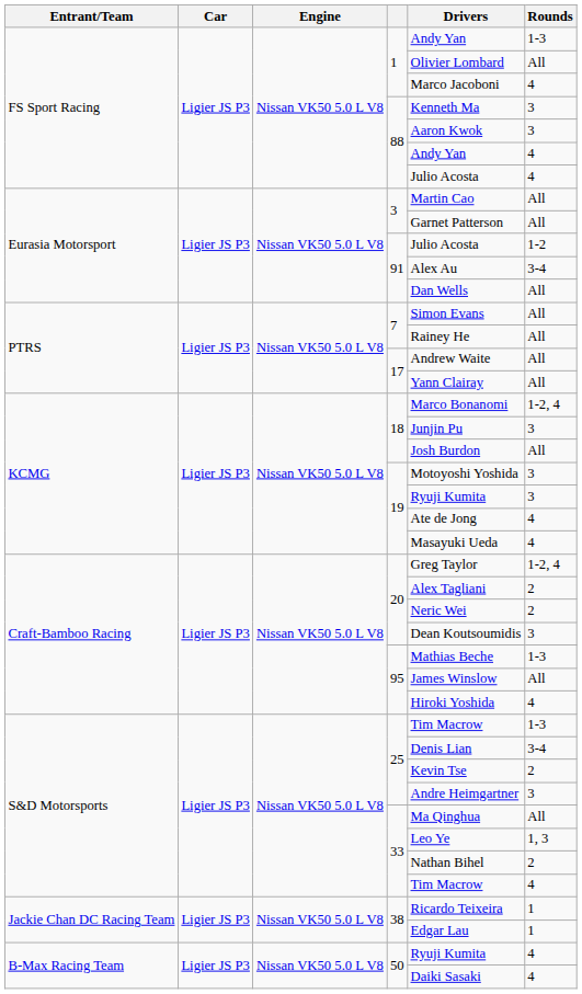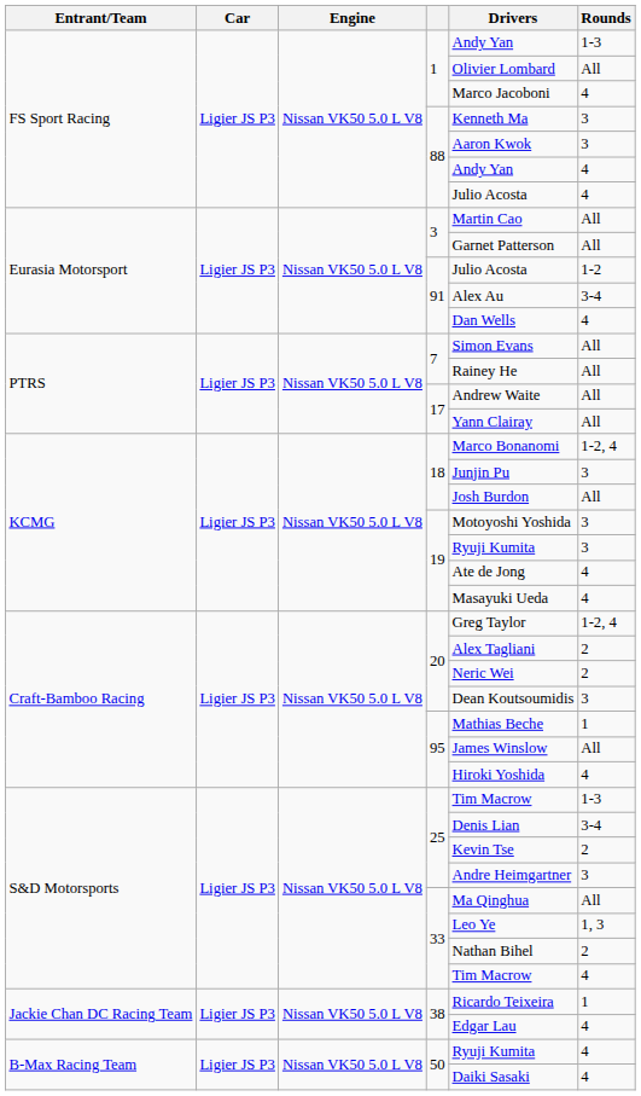 <table class="wikitable" style="font-size: 85%">
 <tr>
 <th>Entrant/Team</th>
 <th>Car</th>
 <th>Engine</th>
 <th></th>
 <th>Drivers</th>
 <th>Rounds</th>
 </tr>
 <tr>
 <td rowspan=7> FS Sport Racing</td>
 <td rowspan=7><a href='#'>Ligier JS P3</a></td>
 <td rowspan=7><a href='#'>Nissan VK50 5.0 L V8</a></td>
 <td rowspan=3>1</td>
 <td> <a href='#'>Andy Yan</a></td>
 <td>1-3</td>
 </tr>
 <tr>
 <td> <a href='#'>Olivier Lombard</a></td>
 <td>All</td>
 </tr>
 <tr>
 <td> Marco Jacoboni</td>
 <td>4</td>
 </tr>
 <tr>
 <td rowspan=4>88</td>
 <td> <a href='#'>Kenneth Ma</a></td>
 <td>3</td>
 </tr>
 <tr>
 <td> <a href='#'>Aaron Kwok</a></td>
 <td>3</td>
 </tr>
 <tr>
 <td> <a href='#'>Andy Yan</a></td>
 <td>4</td>
 </tr>
 <tr>
 <td> Julio Acosta</td>
 <td>4</td>
 </tr>
 <tr>
 <td rowspan=5> Eurasia Motorsport</td>
 <td rowspan=5><a href='#'>Ligier JS P3</a></td>
 <td rowspan=5><a href='#'>Nissan VK50 5.0 L V8</a></td>
 <td rowspan=2>3</td>
 <td> <a href='#'>Martin Cao</a></td>
 <td>All</td>
 </tr>
 <tr>
 <td> Garnet Patterson</td>
 <td>All</td>
 </tr>
 <tr>
 <td rowspan=3>91</td>
 <td> Julio Acosta</td>
 <td>1-2</td>
 </tr>
 <tr>
 <td> Alex Au</td>
 <td>3-4</td>
 </tr>
 <tr>
 <td> <a href='#'>Dan Wells</a></td>
-<td>All</td>
+<td>4</td>
 </tr>
 <tr>
 <td rowspan=4> PTRS</td>
 <td rowspan=4><a href='#'>Ligier JS P3</a></td>
 <td rowspan=4><a href='#'>Nissan VK50 5.0 L V8</a></td>
 <td rowspan=2>7</td>
 <td> <a href='#'>Simon Evans</a></td>
 <td>All</td>
 </tr>
 <tr>
 <td> Rainey He</td>
 <td>All</td>
 </tr>
 <tr>
 <td rowspan=2>17</td>
 <td> Andrew Waite</td>
 <td>All</td>
 </tr>
 <tr>
 <td> <a href='#'>Yann Clairay</a></td>
 <td>All</td>
 </tr>
 <tr>
 <td rowspan=7> <a href='#'>KCMG</a></td>
 <td rowspan=7><a href='#'>Ligier JS P3</a></td>
 <td rowspan=7><a href='#'>Nissan VK50 5.0 L V8</a></td>
 <td rowspan=3>18</td>
 <td> <a href='#'>Marco Bonanomi</a></td>
 <td>1-2, 4</td>
 </tr>
 <tr>
 <td> <a href='#'>Junjin Pu</a></td>
 <td>3</td>
 </tr>
 <tr>
 <td> <a href='#'>Josh Burdon</a></td>
 <td>All</td>
 </tr>
 <tr>
 <td rowspan=4>19</td>
 <td> Motoyoshi Yoshida</td>
 <td>3</td>
 </tr>
 <tr>
 <td> <a href='#'>Ryuji Kumita</a></td>
 <td>3</td>
 </tr>
 <tr>
 <td> Ate de Jong</td>
 <td>4</td>
 </tr>
 <tr>
 <td> Masayuki Ueda</td>
 <td>4</td>
 </tr>
 <tr>
 <td rowspan=7> <a href='#'>Craft-Bamboo Racing</a></td>
 <td rowspan=7><a href='#'>Ligier JS P3</a></td>
 <td rowspan=7><a href='#'>Nissan VK50 5.0 L V8</a></td>
 <td rowspan=4>20</td>
 <td> Greg Taylor</td>
 <td>1-2, 4</td>
 </tr>
 <tr>
 <td> <a href='#'>Alex Tagliani</a></td>
 <td>2</td>
 </tr>
 <tr>
 <td> <a href='#'>Neric Wei</a></td>
 <td>2</td>
 </tr>
 <tr>
 <td> Dean Koutsoumidis</td>
 <td>3</td>
 </tr>
 <tr>
 <td rowspan=3>95</td>
 <td> <a href='#'>Mathias Beche</a></td>
-<td>1-3</td>
+<td>1</td>
 </tr>
 <tr>
 <td> <a href='#'>James Winslow</a></td>
 <td>All</td>
 </tr>
 <tr>
 <td> <a href='#'>Hiroki Yoshida</a></td>
 <td>4</td>
 </tr>
 <tr>
 <td rowspan=8> S&D Motorsports</td>
 <td rowspan=8><a href='#'>Ligier JS P3</a></td>
 <td rowspan=8><a href='#'>Nissan VK50 5.0 L V8</a></td>
 <td rowspan=4>25</td>
 <td> <a href='#'>Tim Macrow</a></td>
 <td>1-3</td>
 </tr>
 <tr>
 <td> <a href='#'>Denis Lian</a></td>
 <td>3-4</td>
 </tr>
 <tr>
 <td> <a href='#'>Kevin Tse</a></td>
 <td>2</td>
 </tr>
 <tr>
 <td> <a href='#'>Andre Heimgartner</a></td>
 <td>3</td>
 </tr>
 <tr>
 <td rowspan=4>33</td>
 <td> <a href='#'>Ma Qinghua</a></td>
 <td>All</td>
 </tr>
 <tr>
 <td> <a href='#'>Leo Ye</a></td>
 <td>1, 3</td>
 </tr>
 <tr>
 <td> Nathan Bihel</td>
 <td>2</td>
 </tr>
 <tr>
 <td> <a href='#'>Tim Macrow</a></td>
 <td>4</td>
 </tr>
 <tr>
 <td rowspan=2> <a href='#'>Jackie Chan DC Racing Team</a></td>
 <td rowspan=2><a href='#'>Ligier JS P3</a></td>
 <td rowspan=2><a href='#'>Nissan VK50 5.0 L V8</a></td>
 <td rowspan=2>38</td>
 <td> <a href='#'>Ricardo Teixeira</a></td>
 <td>1</td>
 </tr>
 <tr>
 <td> <a href='#'>Edgar Lau</a></td>
-<td>1</td>
+<td>4</td>
 </tr>
 <tr>
 <td rowspan=2> <a href='#'>B-Max Racing Team</a></td>
 <td rowspan=2><a href='#'>Ligier JS P3</a></td>
 <td rowspan=2><a href='#'>Nissan VK50 5.0 L V8</a></td>
 <td rowspan=2>50</td>
 <td> <a href='#'>Ryuji Kumita</a></td>
 <td>4</td>
 </tr>
 <tr>
 <td> <a href='#'>Daiki Sasaki</a></td>
 <td>4</td>
 </tr>
 </table>
